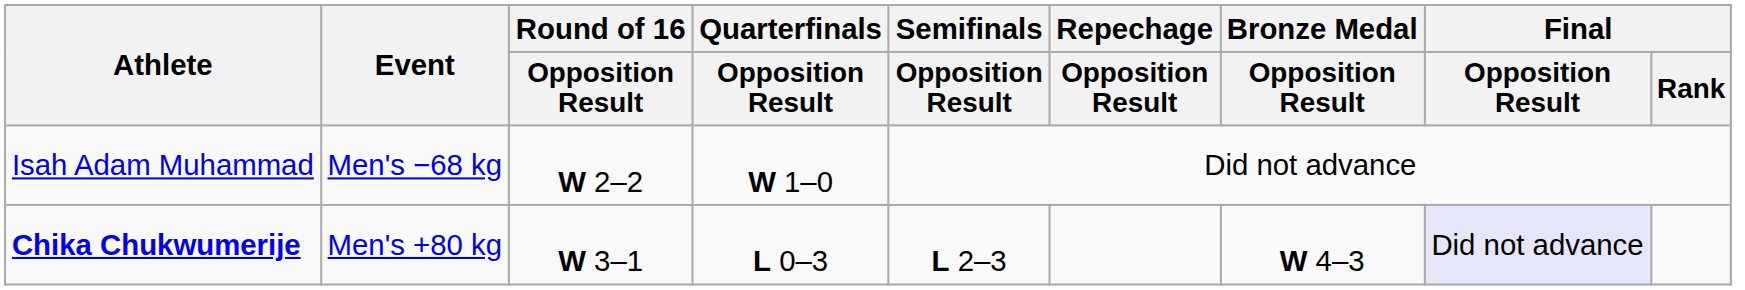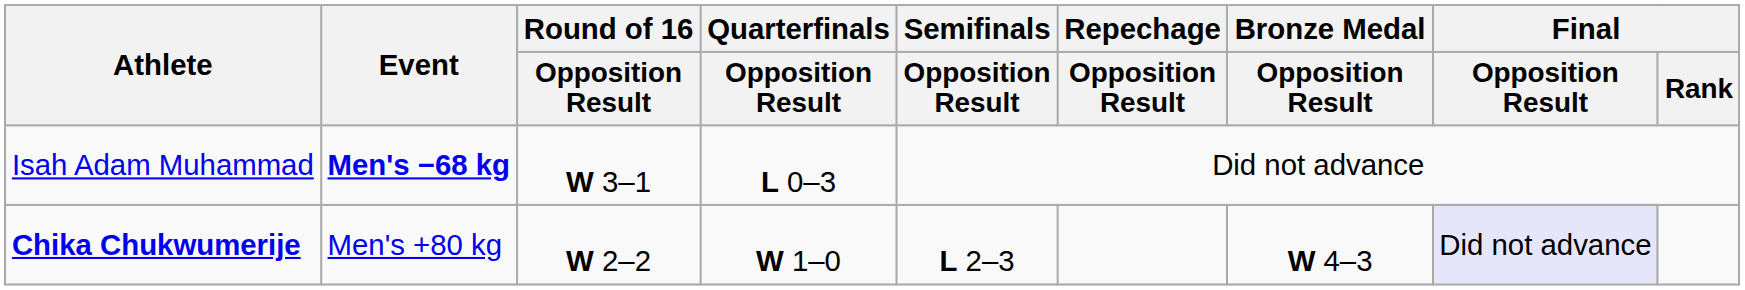 <table class="wikitable" style="font-size:90%">
 <tr>
 <th rowspan="2">Athlete</th>
 <th rowspan="2">Event</th>
 <th>Round of 16</th>
 <th>Quarterfinals</th>
 <th>Semifinals</th>
 <th>Repechage</th>
 <th>Bronze Medal</th>
 <th colspan=2>Final</th>
 </tr>
 <tr style="font-size:95%">
 <th>Opposition<br>Result</th>
 <th>Opposition<br>Result</th>
 <th>Opposition<br>Result</th>
 <th>Opposition<br>Result</th>
 <th>Opposition<br>Result</th>
 <th>Opposition<br>Result</th>
 <th>Rank</th>
 </tr>
 <tr align=center>
 <td align=left><a href='#'>Isah Adam Muhammad</a></td>
-<td align=left><a href='#'>Men's −68 kg</a></td>
-<td><br><strong>W</strong> 2–2 </td>
-<td><br><strong>W</strong> 1–0</td>
+<td align=left><strong><a href='#'>Men's −68 kg</a></strong></td>
+<td><br><strong>W</strong> 3–1</td>
+<td><br><strong>L</strong> 0–3</td>
 <td colspan=5>Did not advance</td>
 </tr>
 <tr align=center>
 <td align=left><strong><a href='#'>Chika Chukwumerije</a></strong></td>
 <td align=left><a href='#'>Men's +80 kg</a></td>
-<td><br><strong>W</strong> 3–1</td>
-<td><br><strong>L</strong> 0–3</td>
+<td><br><strong>W</strong> 2–2 </td>
+<td><br><strong>W</strong> 1–0</td>
 <td><br><strong>L</strong> 2–3</td>
 <td></td>
 <td><br><strong>W</strong> 4–3</td>
 <td style="background: lavender;">Did not advance</td>
 <td></td>
 </tr>
 </table>
